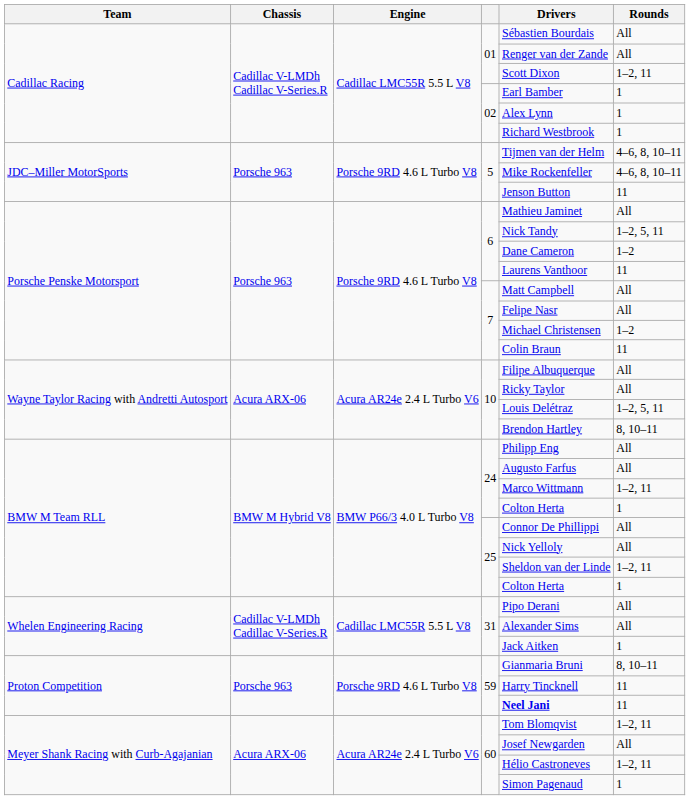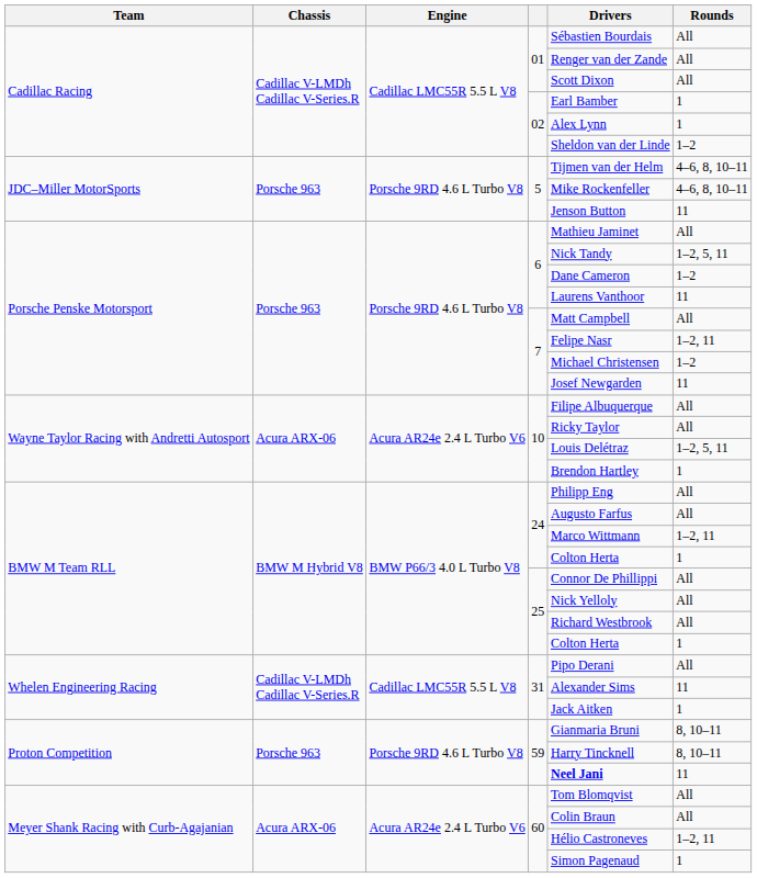 <table class="wikitable" style="font-size: 85%">
 <tr>
 <th>Team</th>
 <th>Chassis</th>
 <th>Engine</th>
 <th></th>
 <th>Drivers</th>
 <th>Rounds</th>
 </tr>
 <tr>
 <td rowspan="6"> <a href='#'>Cadillac Racing</a></td>
 <td rowspan="6"><a href='#'>Cadillac V-LMDh</a><small></small> <br> <a href='#'>Cadillac V-Series.R</a> <small></small></td>
 <td rowspan="6"><a href='#'>Cadillac LMC55R</a> 5.5 L <a href='#'>V8</a></td>
 <td align="center" rowspan="3">01</td>
 <td> <a href='#'>Sébastien Bourdais</a></td>
 <td>All</td>
 </tr>
 <tr>
 <td> <a href='#'>Renger van der Zande</a></td>
 <td>All</td>
 </tr>
 <tr>
 <td> <a href='#'>Scott Dixon</a></td>
-<td>1–2, 11</td>
+<td>All</td>
 </tr>
 <tr>
 <td align="center" rowspan="3">02</td>
 <td> <a href='#'>Earl Bamber</a></td>
 <td>1</td>
 </tr>
 <tr>
 <td> <a href='#'>Alex Lynn</a></td>
 <td>1</td>
 </tr>
 <tr>
-<td> <a href='#'>Richard Westbrook</a></td>
-<td>1</td>
+<td> <a href='#'>Sheldon van der Linde</a></td>
+<td>1–2</td>
 </tr>
 <tr>
 <td rowspan="3"> <a href='#'>JDC–Miller MotorSports</a></td>
 <td rowspan="3"><a href='#'>Porsche 963</a></td>
 <td rowspan="3"><a href='#'>Porsche 9RD</a> 4.6 L Turbo <a href='#'>V8</a></td>
 <td rowspan="3" align="center">5</td>
 <td> <a href='#'>Tijmen van der Helm</a></td>
 <td>4–6, 8, 10–11</td>
 </tr>
 <tr>
 <td> <a href='#'>Mike Rockenfeller</a></td>
 <td>4–6, 8, 10–11</td>
 </tr>
 <tr>
 <td> <a href='#'>Jenson Button</a></td>
 <td>11</td>
 </tr>
 <tr>
 <td rowspan="8"> <a href='#'>Porsche Penske Motorsport</a></td>
 <td rowspan="8"><a href='#'>Porsche 963</a></td>
 <td rowspan="8"><a href='#'>Porsche 9RD</a> 4.6 L Turbo <a href='#'>V8</a></td>
 <td rowspan="4" align="center">6</td>
 <td> <a href='#'>Mathieu Jaminet</a></td>
 <td>All</td>
 </tr>
 <tr>
 <td> <a href='#'>Nick Tandy</a></td>
 <td>1–2, 5, 11</td>
 </tr>
 <tr>
 <td> <a href='#'>Dane Cameron</a></td>
 <td>1–2</td>
 </tr>
 <tr>
 <td> <a href='#'>Laurens Vanthoor</a></td>
 <td>11</td>
 </tr>
 <tr>
 <td rowspan="4" align="center">7</td>
 <td> <a href='#'>Matt Campbell</a></td>
 <td>All</td>
 </tr>
 <tr>
 <td> <a href='#'>Felipe Nasr</a></td>
-<td>All</td>
+<td>1–2, 11</td>
 </tr>
 <tr>
 <td> <a href='#'>Michael Christensen</a></td>
 <td>1–2</td>
 </tr>
 <tr>
-<td> <a href='#'>Colin Braun</a></td>
+<td> <a href='#'>Josef Newgarden</a></td>
 <td>11</td>
 </tr>
 <tr>
 <td rowspan="4"> <a href='#'>Wayne Taylor Racing</a> with <a href='#'>Andretti Autosport</a></td>
 <td rowspan="4"><a href='#'>Acura ARX-06</a></td>
 <td rowspan="4"><a href='#'>Acura AR24e</a> 2.4 L Turbo <a href='#'>V6</a></td>
 <td align="center" rowspan="4">10</td>
 <td> <a href='#'>Filipe Albuquerque</a></td>
 <td>All</td>
 </tr>
 <tr>
 <td> <a href='#'>Ricky Taylor</a></td>
 <td>All</td>
 </tr>
 <tr>
 <td> <a href='#'>Louis Delétraz</a></td>
 <td>1–2, 5, 11</td>
 </tr>
 <tr>
 <td> <a href='#'>Brendon Hartley</a></td>
-<td>8, 10–11</td>
+<td>1</td>
 </tr>
 <tr>
 <td rowspan="8"> <a href='#'>BMW M Team RLL</a></td>
 <td rowspan="8"><a href='#'>BMW M Hybrid V8</a></td>
 <td rowspan="8"><a href='#'>BMW P66/3</a> 4.0 L Turbo <a href='#'>V8</a></td>
 <td align="center" rowspan="4">24</td>
 <td> <a href='#'>Philipp Eng</a></td>
 <td>All</td>
 </tr>
 <tr>
 <td> <a href='#'>Augusto Farfus</a></td>
 <td>All</td>
 </tr>
 <tr>
 <td> <a href='#'>Marco Wittmann</a></td>
 <td>1–2, 11</td>
 </tr>
 <tr>
 <td> <a href='#'>Colton Herta</a></td>
 <td>1</td>
 </tr>
 <tr>
 <td align="center" rowspan="4">25</td>
 <td> <a href='#'>Connor De Phillippi</a></td>
 <td>All</td>
 </tr>
 <tr>
 <td> <a href='#'>Nick Yelloly</a></td>
 <td>All</td>
 </tr>
 <tr>
-<td> <a href='#'>Sheldon van der Linde</a></td>
-<td>1–2, 11</td>
+<td> <a href='#'>Richard Westbrook</a></td>
+<td>All</td>
 </tr>
 <tr>
 <td> <a href='#'>Colton Herta</a></td>
 <td>1</td>
 </tr>
 <tr>
 <td rowspan="3"> <a href='#'>Whelen Engineering Racing</a></td>
 <td rowspan="3"><a href='#'>Cadillac V-LMDh</a> <small></small> <br> <a href='#'>Cadillac V-Series.R</a> <small></small></td>
 <td rowspan="3"><a href='#'>Cadillac LMC55R</a> 5.5 L <a href='#'>V8</a></td>
 <td rowspan="3" align="center">31</td>
 <td> <a href='#'>Pipo Derani</a></td>
 <td>All</td>
 </tr>
 <tr>
 <td> <a href='#'>Alexander Sims</a></td>
-<td>All</td>
+<td>11</td>
 </tr>
 <tr>
 <td> <a href='#'>Jack Aitken</a></td>
 <td>1</td>
 </tr>
 <tr>
 <td rowspan="3"> <a href='#'>Proton Competition</a></td>
 <td rowspan="3"><a href='#'>Porsche 963</a></td>
 <td rowspan="3"><a href='#'>Porsche 9RD</a> 4.6 L Turbo <a href='#'>V8</a></td>
 <td rowspan="3" align="center">59</td>
 <td> <a href='#'>Gianmaria Bruni</a></td>
 <td>8, 10–11</td>
 </tr>
 <tr>
 <td> <a href='#'>Harry Tincknell</a></td>
-<td>11</td>
+<td>8, 10–11</td>
 </tr>
 <tr>
 <td><strong> <a href='#'>Neel Jani</a></strong></td>
 <td>11</td>
 </tr>
 <tr>
 <td rowspan="4"> <a href='#'>Meyer Shank Racing</a> with <a href='#'>Curb-Agajanian</a></td>
 <td rowspan="4"><a href='#'>Acura ARX-06</a></td>
 <td rowspan="4"><a href='#'>Acura AR24e</a> 2.4 L Turbo <a href='#'>V6</a></td>
 <td rowspan="4" align="center">60</td>
 <td> <a href='#'>Tom Blomqvist</a></td>
-<td>1–2, 11</td>
+<td>All</td>
 </tr>
 <tr>
-<td> <a href='#'>Josef Newgarden</a></td>
+<td> <a href='#'>Colin Braun</a></td>
 <td>All</td>
 </tr>
 <tr>
 <td> <a href='#'>Hélio Castroneves</a></td>
 <td>1–2, 11</td>
 </tr>
 <tr>
 <td> <a href='#'>Simon Pagenaud</a></td>
 <td>1</td>
 </tr>
 </table>
